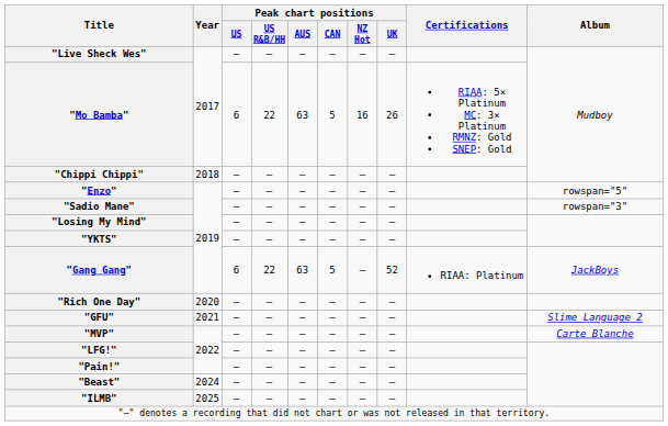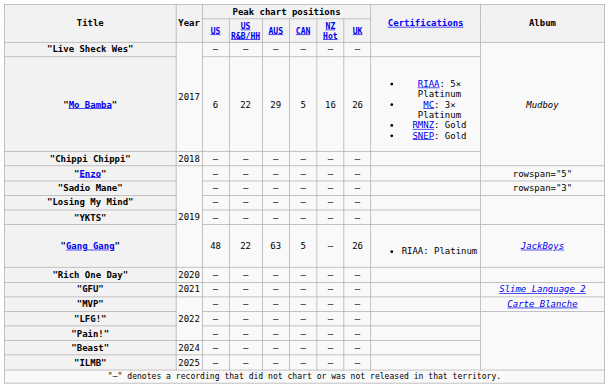 <table class="wikitable plainrowheaders" style="text-align:center;">
 <tr>
 <th scope="col" style="width:20em;" rowspan="2">Title</th>
 <th scope="col" style="width:2em;" rowspan="2">Year</th>
 <th scope="col" colspan="6">Peak chart positions</th>
 <th scope="col" style="width:12em;" rowspan="2"><a href='#'>Certifications</a></th>
 <th scope="col" style="width:14em;" rowspan="2">Album</th>
 </tr>
 <tr>
 <th style="width:3em; font-size:90%"><a href='#'>US</a><br></th>
 <th style="width:3em; font-size:90%"><a href='#'>US<br>R&B/HH</a><br></th>
 <th style="width:3em; font-size:90%"><a href='#'>AUS</a><br></th>
 <th style="width:3em; font-size:90%"><a href='#'>CAN</a><br></th>
 <th style="width:3em; font-size:90%"><a href='#'>NZ<br>Hot</a><br></th>
 <th style="width:3em; font-size:90%"><a href='#'>UK</a><br></th>
 </tr>
 <tr>
 <th scope="row">"Live Sheck Wes"</th>
 <td rowspan="2">2017</td>
 <td>—</td>
 <td>—</td>
 <td>—</td>
 <td>—</td>
 <td>—</td>
 <td>—</td>
 <td></td>
 <td rowspan="3"><em>Mudboy</em></td>
 </tr>
 <tr>
 <th scope="row">"<a href='#'>Mo Bamba</a>"</th>
 <td>6</td>
 <td>22</td>
-<td>63</td>
+<td>29</td>
 <td>5</td>
 <td>16</td>
 <td>26</td>
 <td><br><ul><li><a href='#'>RIAA</a>: 5× Platinum</li><li><a href='#'>MC</a>: 3× Platinum</li><li><a href='#'>RMNZ</a>: Gold</li><li><a href='#'>SNEP</a>: Gold</li></ul></td>
 </tr>
 <tr>
 <th scope="row">"Chippi Chippi"</th>
 <td>2018</td>
 <td>—</td>
 <td>—</td>
 <td>—</td>
 <td>—</td>
 <td>—</td>
 <td>—</td>
 <td></td>
 </tr>
 <tr>
 <th scope="row">"<a href='#'>Enzo</a>"<br></th>
 <td rowspan="5">2019</td>
 <td>—</td>
 <td>—</td>
 <td>—</td>
 <td>—</td>
 <td>—</td>
 <td>—</td>
 <td></td>
 <td>rowspan="5" </td>
 </tr>
 <tr>
 <th scope="row">"Sadio Mane"</th>
 <td>—</td>
 <td>—</td>
 <td>—</td>
 <td>—</td>
 <td>—</td>
 <td>—</td>
 <td></td>
 <td>rowspan="3" </td>
 </tr>
 <tr>
 <th scope="row">"Losing My Mind"</th>
 <td>—</td>
 <td>—</td>
 <td>—</td>
 <td>—</td>
 <td>—</td>
 <td>—</td>
 <td></td>
 </tr>
 <tr>
 <th scope="row">"YKTS"</th>
 <td>—</td>
 <td>—</td>
 <td>—</td>
 <td>—</td>
 <td>—</td>
 <td>—</td>
 <td></td>
 </tr>
 <tr>
 <th scope="row">"<a href='#'>Gang Gang</a>"<br></th>
-<td>6</td>
+<td>48</td>
 <td>22</td>
 <td>63</td>
 <td>5</td>
 <td>—</td>
-<td>52</td>
+<td>26</td>
 <td><br><ul><li>RIAA: Platinum</li></ul></td>
 <td><em><a href='#'>JackBoys</a></em></td>
 </tr>
 <tr>
 <th scope="row">"Rich One Day"</th>
 <td>2020</td>
 <td>—</td>
 <td>—</td>
 <td>—</td>
 <td>—</td>
 <td>—</td>
 <td>—</td>
 <td></td>
 <td></td>
 </tr>
 <tr>
 <th scope="row">"GFU"<br></th>
 <td>2021</td>
 <td>—</td>
 <td>—</td>
 <td>—</td>
 <td>—</td>
 <td>—</td>
 <td>—</td>
 <td></td>
 <td><em><a href='#'>Slime Language 2</a></em></td>
 </tr>
 <tr>
 <th scope="row">"MVP"</th>
 <td rowspan="3">2022</td>
 <td>—</td>
 <td>—</td>
 <td>—</td>
 <td>—</td>
 <td>—</td>
 <td>—</td>
 <td></td>
 <td><em><a href='#'>Carte Blanche</a></em></td>
 </tr>
 <tr>
 <th scope="row">"LFG!"</th>
 <td>—</td>
 <td>—</td>
 <td>—</td>
 <td>—</td>
 <td>—</td>
 <td>—</td>
 <td></td>
 </tr>
 <tr>
 <th scope="row">"Pain!"</th>
 <td>—</td>
 <td>—</td>
 <td>—</td>
 <td>—</td>
 <td>—</td>
 <td>—</td>
 <td></td>
 </tr>
 <tr>
 <th scope="row">"Beast"</th>
 <td>2024</td>
 <td>—</td>
 <td>—</td>
 <td>—</td>
 <td>—</td>
 <td>—</td>
 <td>—</td>
 <td></td>
 </tr>
 <tr>
 <th scope="row">"ILMB"<br></th>
 <td>2025</td>
 <td>—</td>
 <td>—</td>
 <td>—</td>
 <td>—</td>
 <td>—</td>
 <td>—</td>
 <td></td>
 </tr>
 <tr>
 <td colspan="14" style="font-size:90%">"—" denotes a recording that did not chart or was not released in that territory.</td>
 </tr>
 </table>
